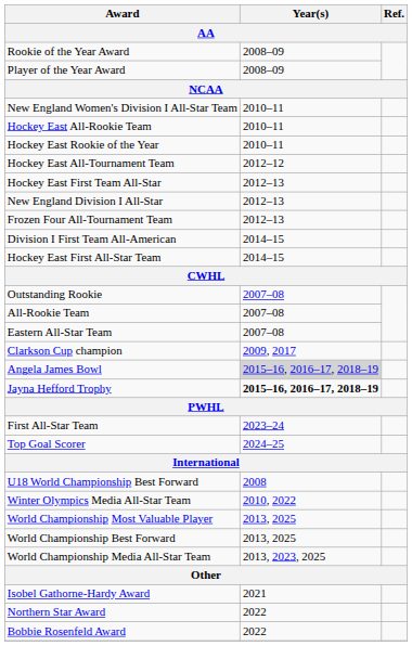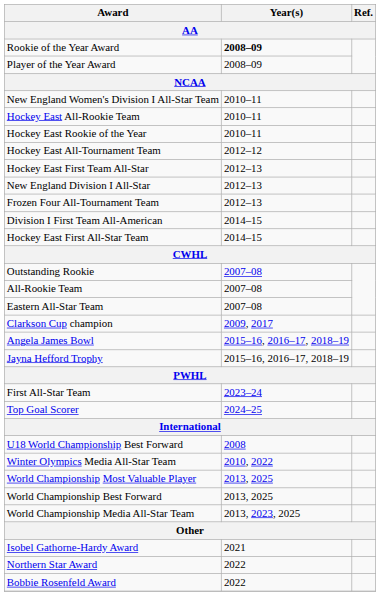 <table class="wikitable">
 <tr>
 <th>Award</th>
 <th>Year(s)</th>
 <th>Ref.</th>
 </tr>
 <tr>
 <th colspan="3"><a href='#'>AA</a></th>
 </tr>
 <tr>
 <td>Rookie of the Year Award</td>
-<td>2008–09</td>
+<td><strong>2008–09</strong></td>
 <td rowspan=2></td>
 </tr>
 <tr>
 <td>Player of the Year Award</td>
 <td>2008–09</td>
 </tr>
 <tr>
 <th colspan="3"><a href='#'>NCAA</a></th>
 </tr>
 <tr>
 <td>New England Women's Division I All-Star Team</td>
 <td>2010–11</td>
 <td></td>
 </tr>
 <tr>
 <td><a href='#'>Hockey East</a> All-Rookie Team</td>
 <td>2010–11</td>
 <td></td>
 </tr>
 <tr>
 <td>Hockey East Rookie of the Year</td>
 <td>2010–11</td>
 <td></td>
 </tr>
 <tr>
 <td>Hockey East All-Tournament  Team</td>
 <td>2012–12</td>
 <td></td>
 </tr>
 <tr>
 <td>Hockey East First Team All-Star</td>
 <td>2012–13</td>
 <td></td>
 </tr>
 <tr>
 <td>New England Division I All-Star</td>
 <td>2012–13</td>
 <td></td>
 </tr>
 <tr>
 <td>Frozen Four All-Tournament Team</td>
 <td>2012–13</td>
 <td></td>
 </tr>
 <tr>
 <td>Division I First Team All-American</td>
 <td>2014–15</td>
 <td></td>
 </tr>
 <tr>
 <td>Hockey East First All-Star Team</td>
 <td>2014–15</td>
 <td></td>
 </tr>
 <tr>
 <th colspan="3"><a href='#'>CWHL</a></th>
 </tr>
 <tr>
 <td>Outstanding Rookie</td>
 <td><a href='#'>2007–08</a></td>
 <td rowspan=3></td>
 </tr>
 <tr>
 <td>All-Rookie Team</td>
 <td>2007–08</td>
 </tr>
 <tr>
 <td>Eastern All-Star Team</td>
 <td>2007–08</td>
 </tr>
 <tr>
 <td><a href='#'>Clarkson Cup</a> champion</td>
 <td><a href='#'>2009</a>, <a href='#'>2017</a></td>
 <td></td>
 </tr>
 <tr>
 <td><a href='#'>Angela James Bowl</a></td>
-<td style="background: lightgrey;"><a href='#'>2015–16</a>, <a href='#'>2016–17</a>, <a href='#'>2018–19</a></td>
+<td><a href='#'>2015–16</a>, <a href='#'>2016–17</a>, <a href='#'>2018–19</a></td>
 <td></td>
 </tr>
 <tr>
 <td><a href='#'>Jayna Hefford Trophy</a></td>
-<td><strong>2015–16, 2016–17, 2018–19</strong></td>
+<td>2015–16, 2016–17, 2018–19</td>
 <td></td>
 </tr>
 <tr>
 <th colspan="3"><a href='#'>PWHL</a></th>
 </tr>
 <tr>
 <td>First All-Star Team</td>
 <td><a href='#'>2023–24</a></td>
 <td></td>
 </tr>
 <tr>
 <td><a href='#'>Top Goal Scorer</a></td>
 <td><a href='#'>2024–25</a></td>
 <td></td>
 </tr>
 <tr>
 <th colspan="3"><a href='#'>International</a></th>
 </tr>
 <tr>
 <td><a href='#'>U18 World Championship</a> Best Forward</td>
 <td><a href='#'>2008</a></td>
 <td></td>
 </tr>
 <tr>
 <td><a href='#'>Winter Olympics</a> Media All-Star Team</td>
 <td><a href='#'>2010</a>, <a href='#'>2022</a></td>
 <td></td>
 </tr>
 <tr>
 <td><a href='#'>World Championship</a> <a href='#'>Most Valuable Player</a></td>
 <td><a href='#'>2013</a>, <a href='#'>2025</a></td>
 <td></td>
 </tr>
 <tr>
 <td>World Championship Best Forward</td>
 <td>2013, 2025</td>
 <td></td>
 </tr>
 <tr>
 <td>World Championship Media All-Star Team</td>
 <td>2013, <a href='#'>2023</a>, 2025</td>
 <td></td>
 </tr>
 <tr>
 <th colspan="3">Other</th>
 </tr>
 <tr>
 <td><a href='#'>Isobel Gathorne-Hardy Award</a></td>
 <td>2021</td>
 <td></td>
 </tr>
 <tr>
 <td><a href='#'>Northern Star Award</a></td>
 <td>2022</td>
 <td></td>
 </tr>
 <tr>
 <td><a href='#'>Bobbie Rosenfeld Award</a></td>
 <td>2022</td>
 <td></td>
 </tr>
 <tr>
 </tr>
 </table>
